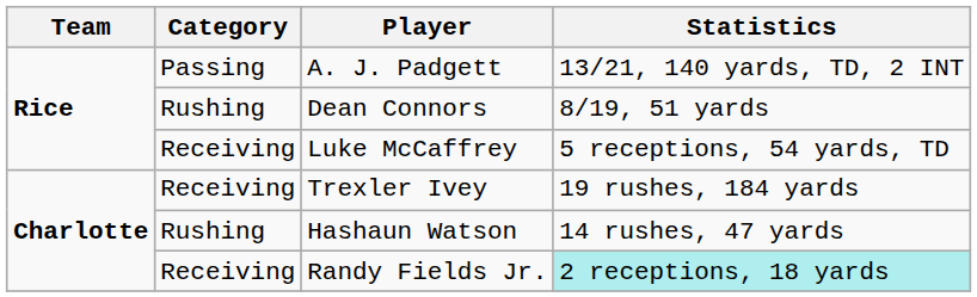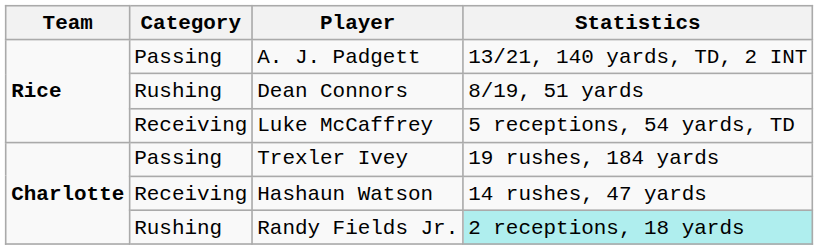 <table class="wikitable" style="float: right;">
 <tr>
 <th>Team</th>
 <th>Category</th>
 <th>Player</th>
 <th>Statistics</th>
 </tr>
 <tr>
 <td rowspan=3><strong>Rice</strong></td>
 <td>Passing</td>
 <td>A. J. Padgett</td>
 <td>13/21, 140 yards, TD, 2 INT</td>
 </tr>
 <tr>
 <td>Rushing</td>
 <td>Dean Connors</td>
 <td>8/19, 51 yards</td>
 </tr>
 <tr>
 <td>Receiving</td>
 <td>Luke McCaffrey</td>
 <td>5 receptions, 54 yards, TD</td>
 </tr>
 <tr>
 <td rowspan=3><strong>Charlotte</strong></td>
-<td>Receiving</td>
+<td>Passing</td>
 <td>Trexler Ivey</td>
 <td>19 rushes, 184 yards</td>
 </tr>
 <tr>
-<td>Rushing</td>
+<td>Receiving</td>
 <td>Hashaun Watson</td>
 <td>14 rushes, 47 yards</td>
 </tr>
 <tr>
-<td>Receiving</td>
+<td>Rushing</td>
 <td>Randy Fields Jr.</td>
 <td style="background: paleturquoise;">2 receptions, 18 yards</td>
 </tr>
 </table>
